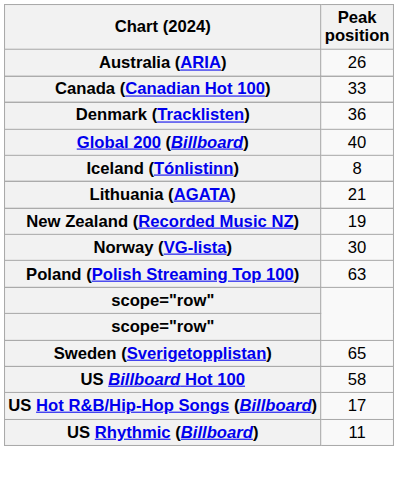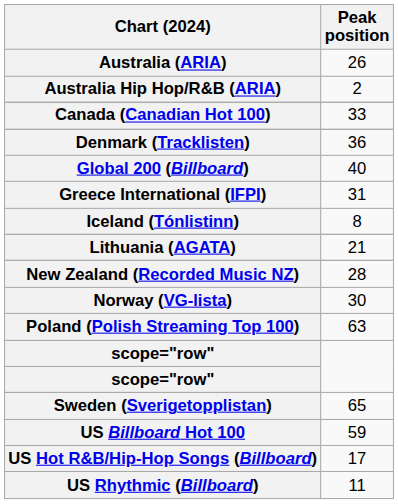 <table class="wikitable sortable plainrowheaders" style="text-align:center">
 <tr>
 <th scope="col">Chart (2024)</th>
 <th scope="col">Peak<br>position</th>
 </tr>
 <tr>
 <th scope="row">Australia (<a href='#'>ARIA</a>)</th>
 <td>26</td>
+</tr>
+<tr>
+<th scope="row">Australia Hip Hop/R&B (<a href='#'>ARIA</a>)</th>
+<td>2</td>
 </tr>
 <tr>
 </tr>
 <tr>
 <th scope="row">Canada (<a href='#'>Canadian Hot 100</a>)</th>
 <td>33</td>
 </tr>
 <tr>
 </tr>
 <tr>
 <th scope="row">Denmark (<a href='#'>Tracklisten</a>)</th>
 <td>36</td>
 </tr>
 <tr>
 <th scope="row"><a href='#'>Global 200</a> (<em><a href='#'>Billboard</a></em>)</th>
 <td>40</td>
 </tr>
 <tr>
+<th scope="row">Greece International (<a href='#'>IFPI</a>)</th>
+<td>31</td>
+</tr>
+<tr>
 <th scope="row">Iceland (<a href='#'>Tónlistinn</a>)</th>
 <td>8</td>
 </tr>
 <tr>
 </tr>
 <tr>
 <th scope="row">Lithuania (<a href='#'>AGATA</a>)</th>
 <td>21</td>
 </tr>
 <tr>
 </tr>
 <tr>
 <th scope="row">New Zealand (<a href='#'>Recorded Music NZ</a>)</th>
-<td>19</td>
+<td>28</td>
 </tr>
 <tr>
 <th scope="row">Norway (<a href='#'>VG-lista</a>)</th>
 <td>30</td>
 </tr>
 <tr>
 <th scope="row">Poland (<a href='#'>Polish Streaming Top 100</a>)</th>
 <td>63</td>
 </tr>
 <tr>
 </tr>
 <tr>
 <th>scope="row"</th>
 </tr>
 <tr>
 <th>scope="row"</th>
 </tr>
 <tr>
 </tr>
 <tr>
 <th scope="row">Sweden (<a href='#'>Sverigetopplistan</a>)</th>
 <td>65</td>
 </tr>
 <tr>
 </tr>
 <tr>
 </tr>
 <tr>
 </tr>
 <tr>
 <th scope="row">US <a href='#'><em>Billboard</em> Hot 100</a></th>
-<td>58</td>
+<td>59</td>
 </tr>
 <tr>
 <th scope="row">US <a href='#'>Hot R&B/Hip-Hop Songs</a> (<em><a href='#'>Billboard</a></em>)</th>
 <td>17</td>
 </tr>
 <tr>
 <th scope="row">US <a href='#'>Rhythmic</a> (<em><a href='#'>Billboard</a></em>)</th>
 <td>11</td>
 </tr>
 </table>
